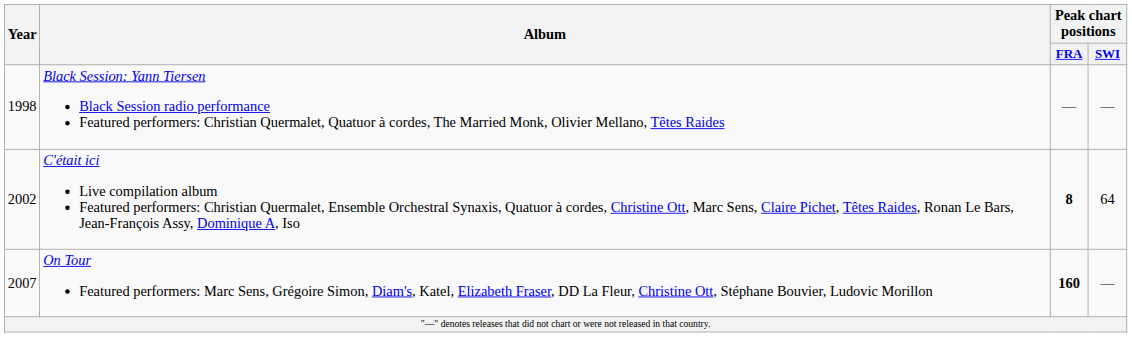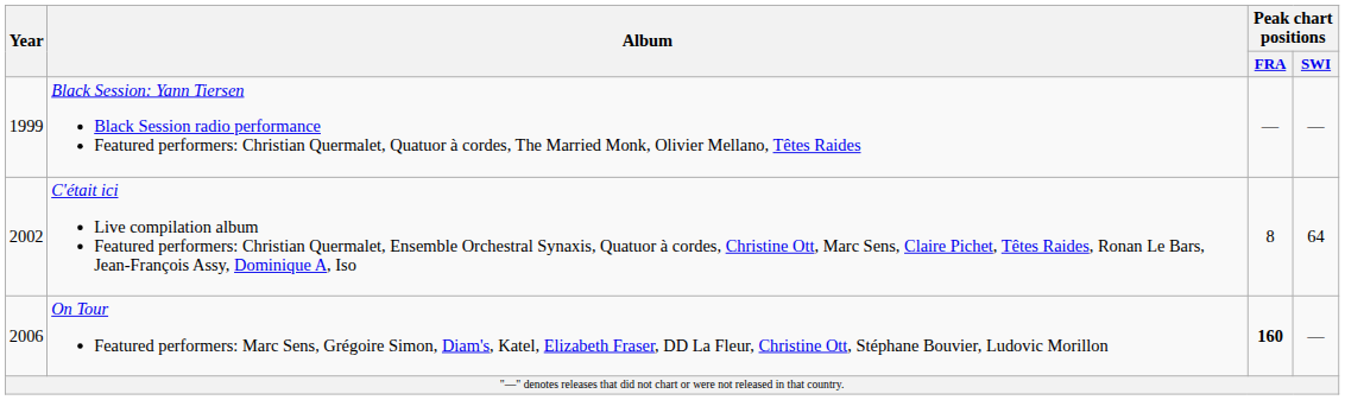 <table class="wikitable">
 <tr>
 <th rowspan="2">Year</th>
 <th rowspan="2">Album</th>
 <th colspan="2">Peak chart positions</th>
 </tr>
 <tr>
 <th scope="col" style="width:2.5em;font-size:90%;"><a href='#'>FRA</a><br></th>
 <th scope="col" style="width:2.5em;font-size:90%;"><a href='#'>SWI</a><br></th>
 </tr>
 <tr>
-<td>1998</td>
+<td>1999</td>
 <td><em><a href='#'>Black Session: Yann Tiersen</a></em><br><ul><li><a href='#'>Black Session radio performance</a></li><li>Featured performers: Christian Quermalet, Quatuor à cordes, The Married Monk, Olivier Mellano, <a href='#'>Têtes Raides</a></li></ul></td>
 <td style="text-align:center;">—</td>
 <td style="text-align:center;">—</td>
 </tr>
 <tr>
 <td>2002</td>
 <td><em><a href='#'>C'était ici</a></em><br><ul><li>Live compilation album</li><li>Featured performers: Christian Quermalet, Ensemble Orchestral Synaxis, Quatuor à cordes, <a href='#'>Christine Ott</a>, Marc Sens, <a href='#'>Claire Pichet</a>, <a href='#'>Têtes Raides</a>, Ronan Le Bars, Jean-François Assy, <a href='#'>Dominique A</a>, Iso</li></ul></td>
-<td style="text-align:center;"><strong>8</strong></td>
+<td style="text-align:center;">8</td>
 <td style="text-align:center;">64</td>
 </tr>
 <tr>
-<td>2007</td>
+<td>2006</td>
 <td><em><a href='#'>On Tour</a></em><br><ul><li>Featured performers: Marc Sens, Grégoire Simon, <a href='#'>Diam's</a>, Katel, <a href='#'>Elizabeth Fraser</a>, DD La Fleur, <a href='#'>Christine Ott</a>, Stéphane Bouvier, Ludovic Morillon</li></ul></td>
 <td style="text-align:center;"><strong>160</strong></td>
 <td style="text-align:center;">—</td>
 </tr>
 <tr>
 <th colspan="4" style="font-size:8pt; font-weight:normal; text-align:center;">"—" denotes releases that did not chart or were not released in that country.</th>
 </tr>
 </table>
